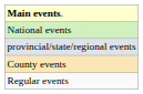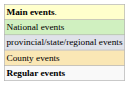 <table class="wikitable" style=font-size:95%>
 <tr style="background:#ffc;">
 <td><strong>Main events</strong>.</td>
 </tr>
 <tr style="background:#d0f0c0">
 <td>National events</td>
 </tr>
 <tr style="background:#dfe2e9">
 <td>provincial/state/regional events</td>
 </tr>
 <tr style="background:#fae7b5">
 <td>County events</td>
 </tr>
 <tr>
-<td>Regular events</td>
+<td><strong>Regular events</strong></td>
 </tr>
 </table>
